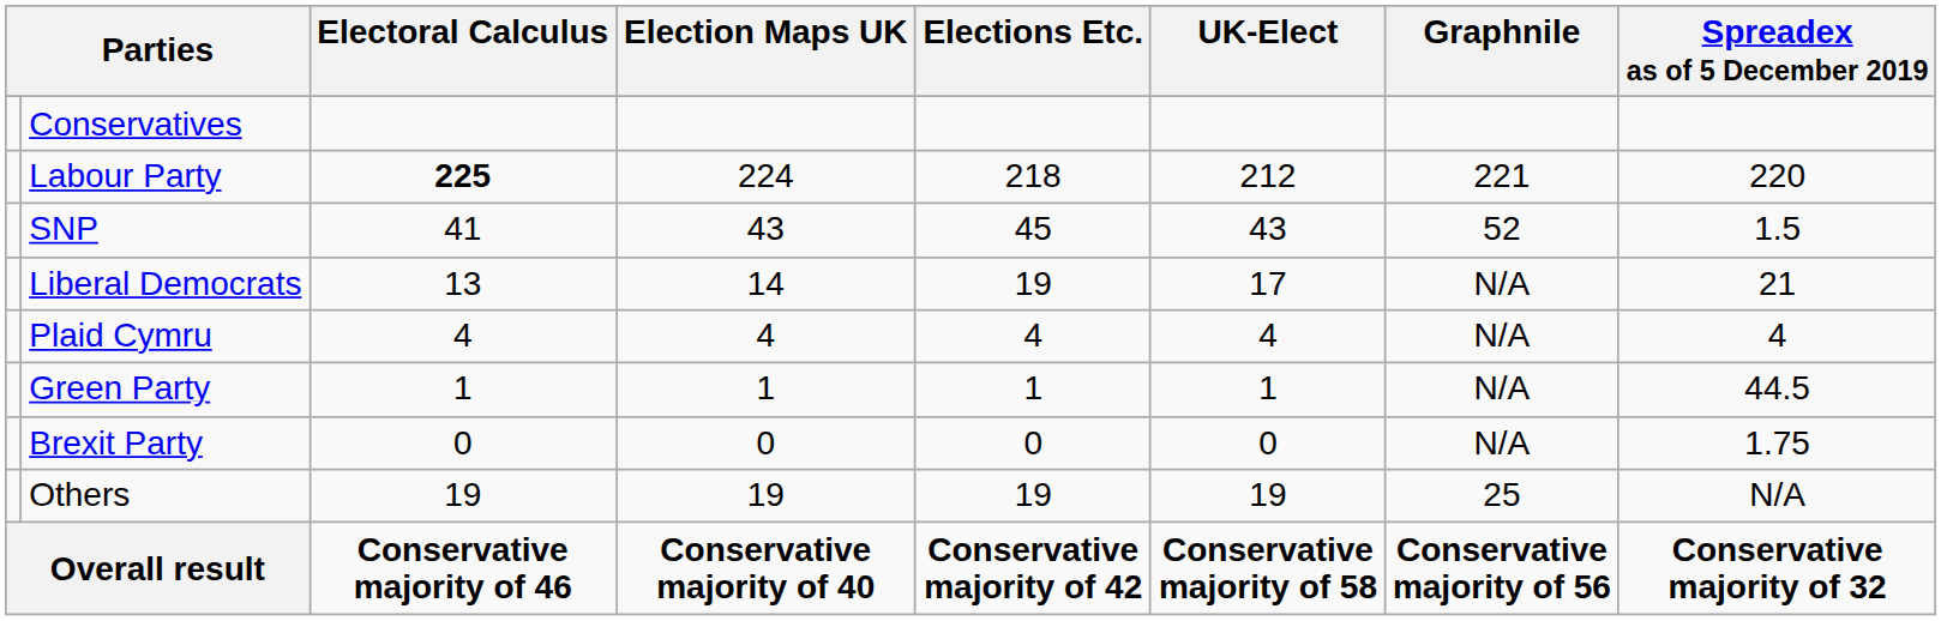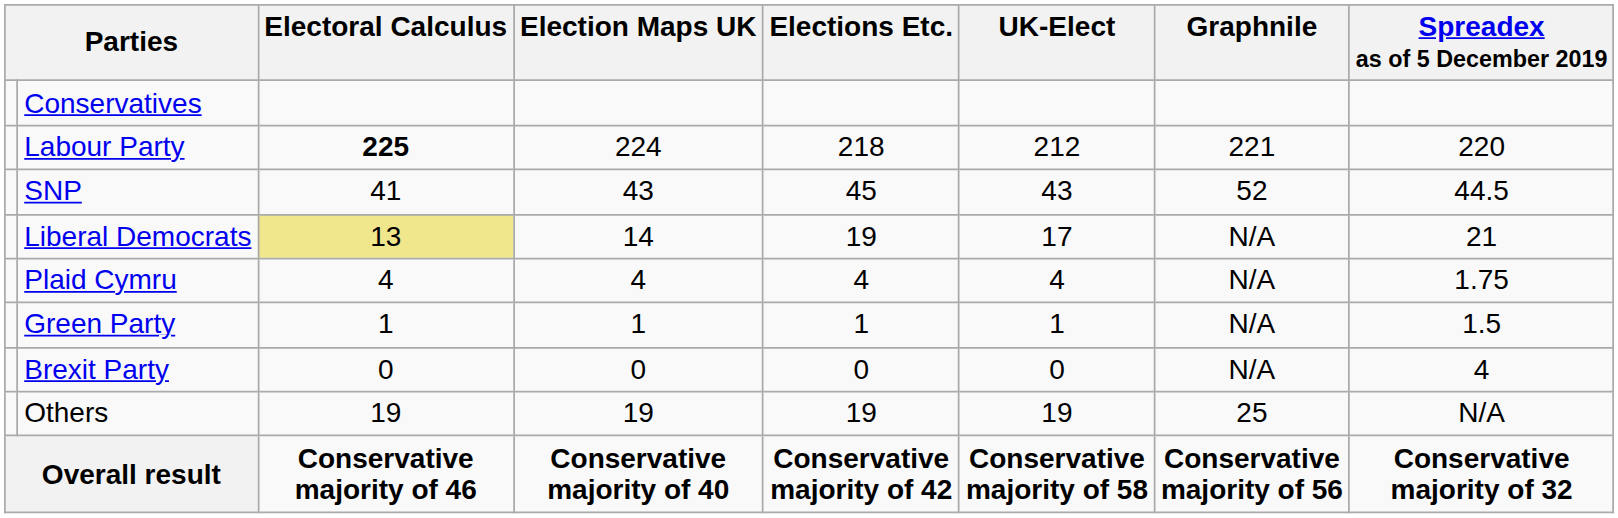 <table class="wikitable">
 <tr>
 <th colspan="2">Parties</th>
 <th style="vertical-align:top;">Electoral Calculus<br></th>
 <th style="vertical-align:top;">Election Maps UK<br></th>
 <th style="vertical-align:top;">Elections Etc.<br></th>
 <th style="vertical-align:top;">UK-Elect<br></th>
 <th style="vertical-align:top;">Graphnile<br></th>
 <th><a href='#'>Spreadex</a><br><small>as of 5 December 2019</small></th>
 </tr>
 <tr>
 <td style="color:inherit;background:"></td>
 <td><a href='#'>Conservatives</a></td>
 <td></td>
 <td></td>
 <td></td>
 <td></td>
 <td></td>
 <td></td>
 </tr>
 <tr>
 <td style="color:inherit;background:"></td>
 <td><a href='#'>Labour Party</a></td>
 <td style="text-align:center;"><strong>225</strong></td>
 <td style="text-align:center;">224</td>
 <td style="text-align:center;">218</td>
 <td style="text-align:center;">212</td>
 <td style="text-align:center;">221</td>
 <td style="text-align:center;">220</td>
 </tr>
 <tr>
 <td style="color:inherit;background:"></td>
 <td><a href='#'>SNP</a></td>
 <td style="text-align:center;">41</td>
 <td style="text-align:center;">43</td>
 <td style="text-align:center;">45</td>
 <td style="text-align:center;">43</td>
 <td style="text-align:center;">52</td>
-<td style="text-align:center;">1.5</td>
+<td style="text-align:center;">44.5</td>
 </tr>
 <tr>
 <td style="color:inherit;background:"></td>
 <td><a href='#'>Liberal Democrats</a></td>
-<td style="text-align:center;">13</td>
+<td style="background: khaki; text-align:center;">13</td>
 <td style="text-align:center;">14</td>
 <td style="text-align:center;">19</td>
 <td style="text-align:center;">17</td>
 <td style="text-align:center;">N/A</td>
 <td style="text-align:center;">21</td>
 </tr>
 <tr>
 <td style="color:inherit;background:"></td>
 <td><a href='#'>Plaid Cymru</a></td>
 <td style="text-align:center;">4</td>
 <td style="text-align:center;">4</td>
 <td style="text-align:center;">4</td>
 <td style="text-align:center;">4</td>
 <td style="text-align:center;">N/A</td>
-<td style="text-align:center;">4</td>
+<td style="text-align:center;">1.75</td>
 </tr>
 <tr>
 <td style="color:inherit;background:"></td>
 <td><a href='#'>Green Party</a></td>
 <td style="text-align:center;">1</td>
 <td style="text-align:center;">1</td>
 <td style="text-align:center;">1</td>
 <td style="text-align:center;">1</td>
 <td style="text-align:center;">N/A</td>
-<td style="text-align:center;">44.5</td>
+<td style="text-align:center;">1.5</td>
 </tr>
 <tr>
 <td style="color:inherit;background:"></td>
 <td><a href='#'>Brexit Party</a></td>
 <td style="text-align:center;">0</td>
 <td style="text-align:center;">0</td>
 <td style="text-align:center;">0</td>
 <td style="text-align:center;">0</td>
 <td style="text-align:center;">N/A</td>
-<td style="text-align:center;">1.75</td>
+<td style="text-align:center;">4</td>
 </tr>
 <tr>
 <td style="color:inherit;background:"></td>
 <td>Others</td>
 <td style="text-align:center;">19</td>
 <td style="text-align:center;">19</td>
 <td style="text-align:center;">19</td>
 <td style="text-align:center;">19</td>
 <td style="text-align:center;">25</td>
 <td style="text-align:center;">N/A</td>
 </tr>
 <tr>
 <th colspan="2">Overall result</th>
 <td style="text-align:center; background:"><strong>Conservative <br> majority of 46</strong></td>
 <td style="text-align:center; background:"><strong>Conservative <br> majority of 40</strong></td>
 <td style="text-align:center; background:"><strong>Conservative <br> majority of 42</strong></td>
 <td style="text-align:center; background:"><strong>Conservative <br> majority of 58</strong></td>
 <td style="text-align:center; background:"><strong>Conservative <br> majority of 56</strong></td>
 <td style="text-align:center; background:"><strong>Conservative <br> majority of 32</strong></td>
 </tr>
 </table>
